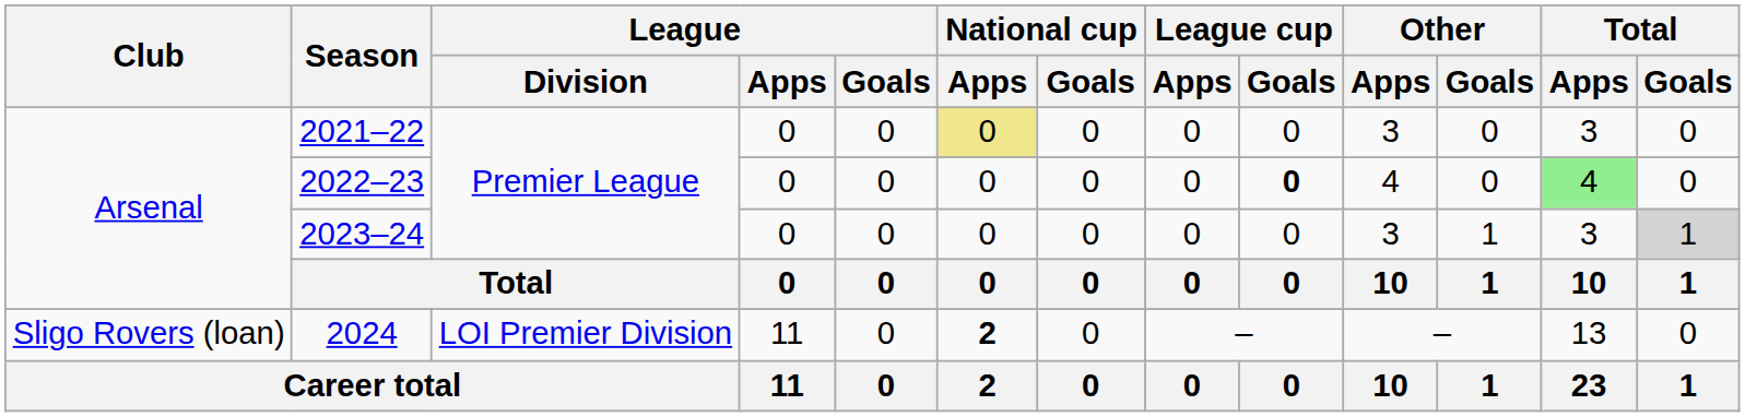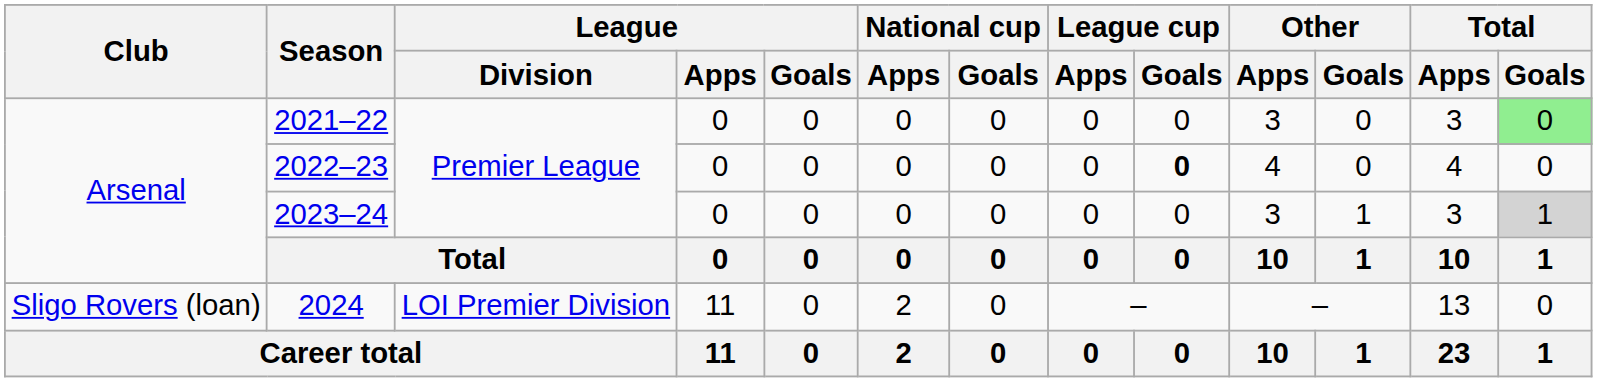 <table class="wikitable" style="text-align: center">
 <tr>
 <th rowspan="2">Club</th>
 <th rowspan="2">Season</th>
 <th colspan="3">League</th>
 <th colspan="2">National cup</th>
 <th colspan="2">League cup</th>
 <th colspan="2">Other</th>
 <th colspan="2">Total</th>
 </tr>
 <tr>
 <th>Division</th>
 <th>Apps</th>
 <th>Goals</th>
 <th>Apps</th>
 <th>Goals</th>
 <th>Apps</th>
 <th>Goals</th>
 <th>Apps</th>
 <th>Goals</th>
 <th>Apps</th>
 <th>Goals</th>
 </tr>
 <tr>
 <td rowspan="4"><a href='#'>Arsenal</a></td>
 <td><a href='#'>2021–22</a></td>
 <td rowspan="3"><a href='#'>Premier League</a></td>
 <td>0</td>
 <td>0</td>
-<td style="background: khaki;">0</td>
+<td>0</td>
 <td>0</td>
 <td>0</td>
 <td>0</td>
 <td>3</td>
 <td>0</td>
 <td>3</td>
-<td>0</td>
+<td style="background: lightgreen;">0</td>
 </tr>
 <tr>
 <td><a href='#'>2022–23</a></td>
 <td>0</td>
 <td>0</td>
 <td>0</td>
 <td>0</td>
 <td>0</td>
 <td><strong>0</strong></td>
 <td>4</td>
 <td>0</td>
-<td style="background: lightgreen;">4</td>
+<td>4</td>
 <td>0</td>
 </tr>
 <tr>
 <td><a href='#'>2023–24</a></td>
 <td>0</td>
 <td>0</td>
 <td>0</td>
 <td>0</td>
 <td>0</td>
 <td>0</td>
 <td>3</td>
 <td>1</td>
 <td>3</td>
 <td style="background: lightgrey;">1</td>
 </tr>
 <tr>
 <th colspan="2">Total</th>
 <th>0</th>
 <th>0</th>
 <th>0</th>
 <th>0</th>
 <th>0</th>
 <th>0</th>
 <th>10</th>
 <th>1</th>
 <th>10</th>
 <th>1</th>
 </tr>
 <tr>
 <td><a href='#'>Sligo Rovers</a> (loan)</td>
 <td><a href='#'>2024</a></td>
 <td><a href='#'>LOI Premier Division</a></td>
 <td>11</td>
 <td>0</td>
-<td><strong>2</strong></td>
+<td>2</td>
 <td>0</td>
 <td colspan="2">–</td>
 <td colspan="2">–</td>
 <td>13</td>
 <td>0</td>
 </tr>
 <tr>
 <th colspan="3">Career total</th>
 <th>11</th>
 <th>0</th>
 <th>2</th>
 <th>0</th>
 <th>0</th>
 <th>0</th>
 <th>10</th>
 <th>1</th>
 <th>23</th>
 <th>1</th>
 </tr>
 </table>
